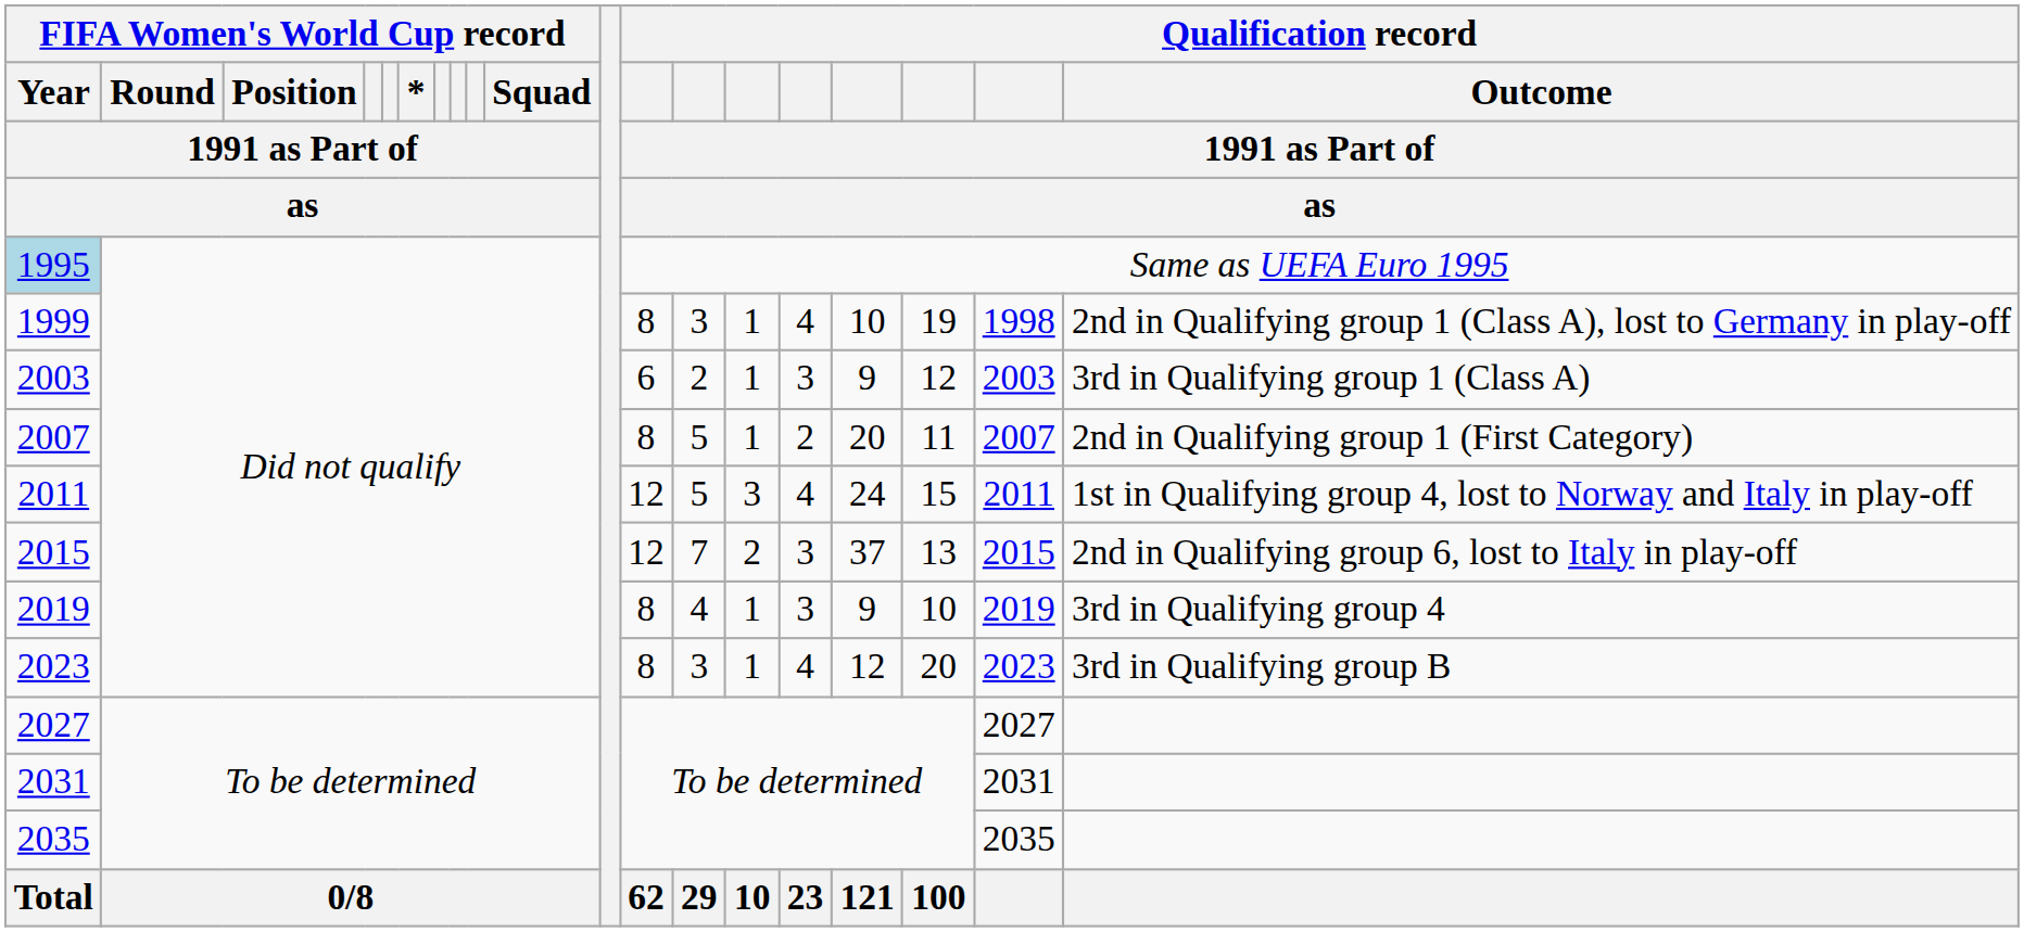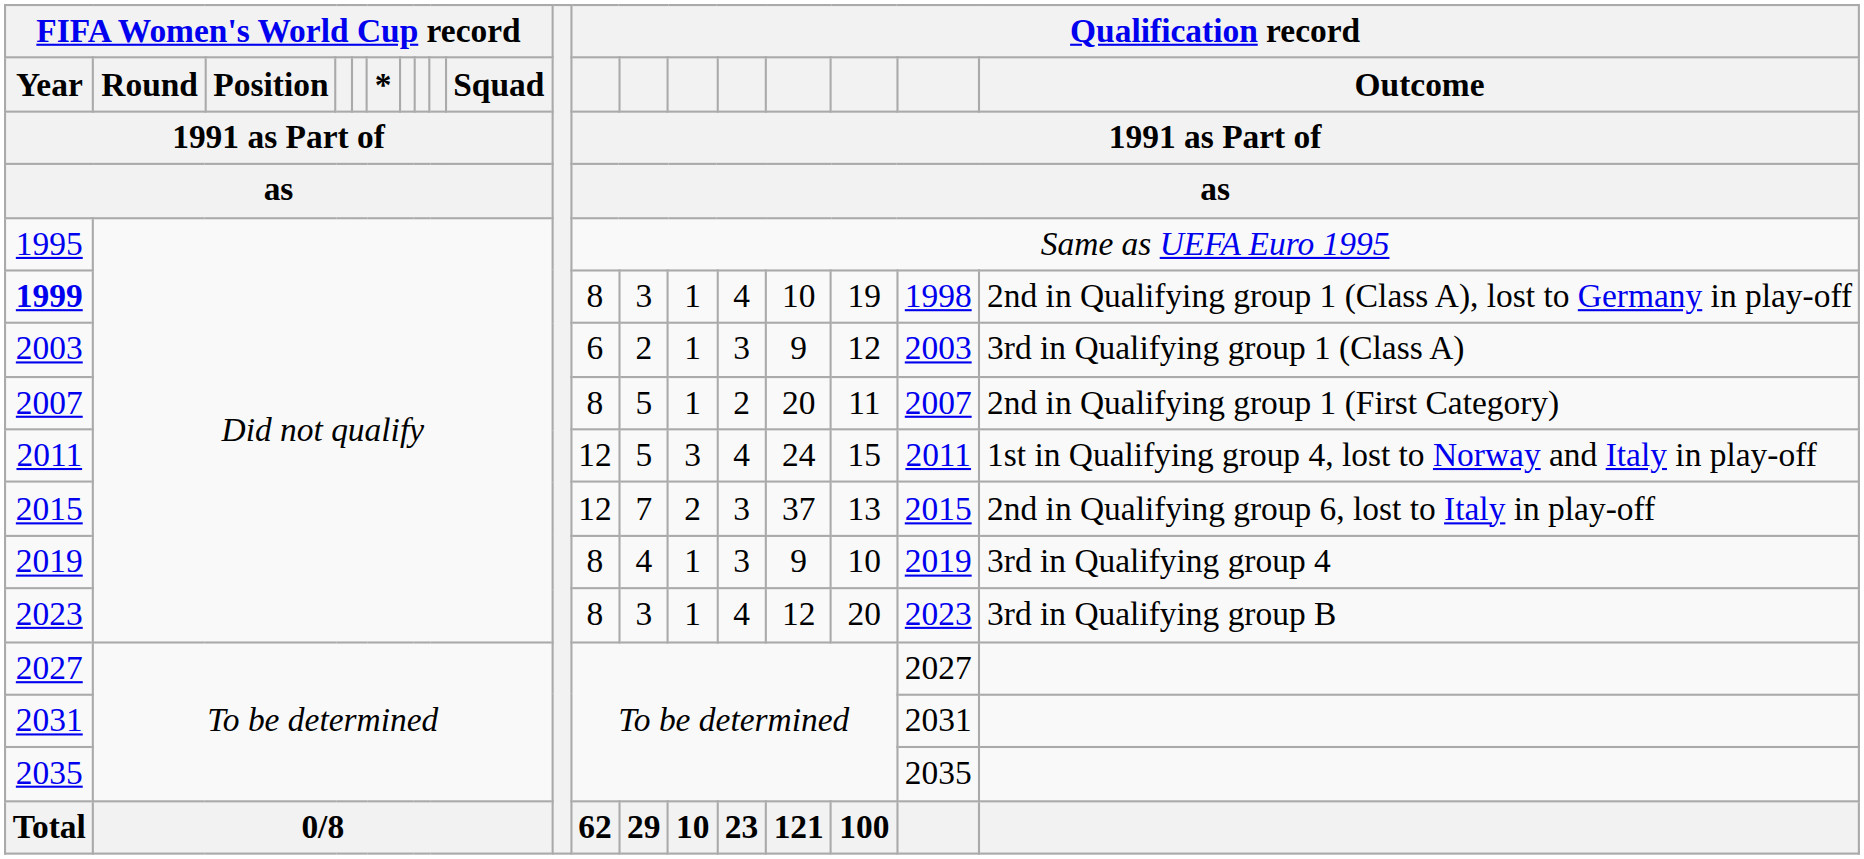 <table class="wikitable" style="text-align: center;">
 <tr>
 <th colspan=10><a href='#'>FIFA Women's World Cup</a> record</th>
 <th style="width:1%;" rowspan=16></th>
 <th colspan=8><a href='#'>Qualification</a> record</th>
 </tr>
 <tr>
 <th>Year</th>
 <th>Round</th>
 <th>Position</th>
 <th></th>
 <th></th>
 <th>*</th>
 <th></th>
 <th></th>
 <th></th>
 <th>Squad</th>
 <th></th>
 <th></th>
 <th></th>
 <th></th>
 <th></th>
 <th></th>
 <th></th>
 <th>Outcome</th>
 </tr>
 <tr>
 <th colspan=10>1991 as Part of </th>
 <th colspan=8>1991 as Part of </th>
 </tr>
 <tr>
 <th colspan=10>as </th>
 <th colspan=8>as </th>
 </tr>
 <tr>
-<td style="background: lightblue;"> <a href='#'>1995</a></td>
+<td> <a href='#'>1995</a></td>
 <td colspan=9 rowspan=8><em>Did not qualify</em></td>
 <td colspan=8><em>Same as <a href='#'>UEFA Euro 1995</a></em></td>
 </tr>
 <tr>
-<td> <a href='#'>1999</a></td>
+<td><strong> <a href='#'>1999</a></strong></td>
 <td>8</td>
 <td>3</td>
 <td>1</td>
 <td>4</td>
 <td>10</td>
 <td>19</td>
 <td><a href='#'>1998</a></td>
 <td align=left>2nd in Qualifying group 1 (Class A), lost to <a href='#'>Germany</a> in play-off</td>
 </tr>
 <tr>
 <td> <a href='#'>2003</a></td>
 <td>6</td>
 <td>2</td>
 <td>1</td>
 <td>3</td>
 <td>9</td>
 <td>12</td>
 <td><a href='#'>2003</a></td>
 <td align=left>3rd in Qualifying group 1 (Class A)</td>
 </tr>
 <tr>
 <td> <a href='#'>2007</a></td>
 <td>8</td>
 <td>5</td>
 <td>1</td>
 <td>2</td>
 <td>20</td>
 <td>11</td>
 <td><a href='#'>2007</a></td>
 <td align=left>2nd in Qualifying group 1 (First Category)</td>
 </tr>
 <tr>
 <td> <a href='#'>2011</a></td>
 <td>12</td>
 <td>5</td>
 <td>3</td>
 <td>4</td>
 <td>24</td>
 <td>15</td>
 <td><a href='#'>2011</a></td>
 <td align=left>1st in Qualifying group 4, lost to <a href='#'>Norway</a> and <a href='#'>Italy</a> in play-off</td>
 </tr>
 <tr>
 <td> <a href='#'>2015</a></td>
 <td>12</td>
 <td>7</td>
 <td>2</td>
 <td>3</td>
 <td>37</td>
 <td>13</td>
 <td><a href='#'>2015</a></td>
 <td align=left>2nd in Qualifying group 6, lost to <a href='#'>Italy</a> in play-off</td>
 </tr>
 <tr>
 <td> <a href='#'>2019</a></td>
 <td>8</td>
 <td>4</td>
 <td>1</td>
 <td>3</td>
 <td>9</td>
 <td>10</td>
 <td><a href='#'>2019</a></td>
 <td align=left>3rd in Qualifying group 4</td>
 </tr>
 <tr>
 <td> <a href='#'>2023</a></td>
 <td>8</td>
 <td>3</td>
 <td>1</td>
 <td>4</td>
 <td>12</td>
 <td>20</td>
 <td><a href='#'>2023</a></td>
 <td align=left>3rd in Qualifying group B</td>
 </tr>
 <tr>
 <td> <a href='#'>2027</a></td>
 <td colspan=9 rowspan=3><em>To be determined</em></td>
 <td colspan=6 rowspan=3><em>To be determined</em></td>
 <td>2027</td>
 <td></td>
 </tr>
 <tr>
 <td> <a href='#'>2031</a></td>
 <td>2031</td>
 <td></td>
 </tr>
 <tr>
 <td> <a href='#'>2035</a></td>
 <td>2035</td>
 <td></td>
 </tr>
 <tr>
 <th>Total</th>
 <th colspan=9>0/8</th>
 <th>62</th>
 <th>29</th>
 <th>10</th>
 <th>23</th>
 <th>121</th>
 <th>100</th>
 <th></th>
 <th></th>
 </tr>
 </table>
